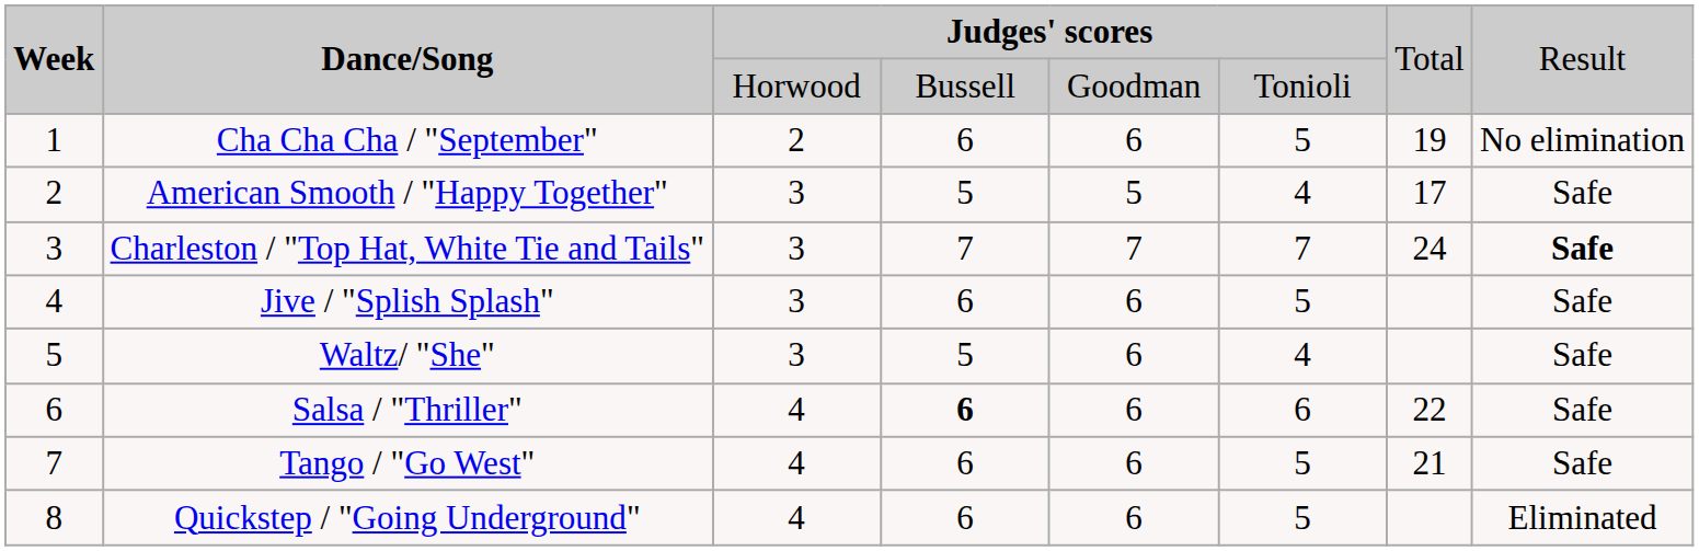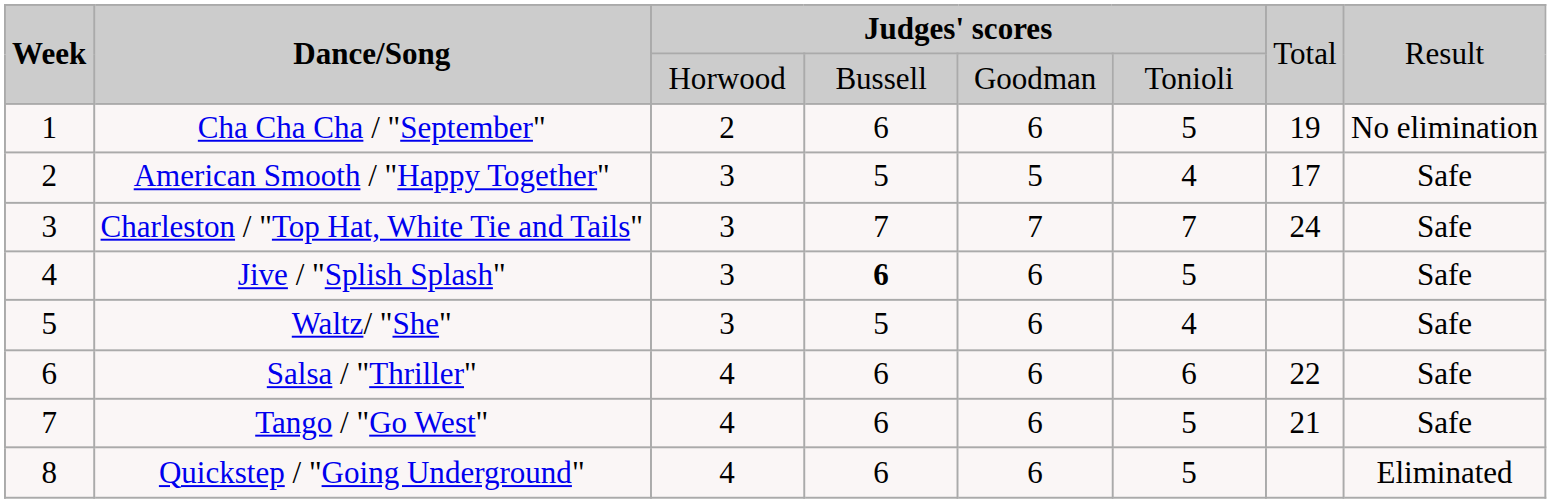 <table | class="wikitable collapsible collapsed">
 <tr style="text-align: center; background:#ccc;">
 <td rowspan="2"><strong>Week </strong></td>
 <td rowspan="2"><strong>Dance/Song</strong></td>
 <td colspan="4"><strong>Judges' scores</strong></td>
 <td rowspan="2">Total</td>
 <td rowspan="2">Result</td>
 </tr>
 <tr style="text-align: center; background:#ccc;">
 <td style="width:10%; ">Horwood</td>
 <td style="width:10%; ">Bussell</td>
 <td style="width:10%; ">Goodman</td>
 <td style="width:10%; ">Tonioli</td>
 </tr>
 <tr style="text-align: center; background:#faf6f6;">
 <td>1</td>
 <td><a href='#'>Cha Cha Cha</a> / "<a href='#'>September</a>"</td>
 <td>2</td>
 <td>6</td>
 <td>6</td>
 <td>5</td>
 <td>19</td>
 <td>No elimination</td>
 </tr>
 <tr style="text-align: center; background:#faf6f6;">
 <td>2</td>
 <td><a href='#'>American Smooth</a> / "<a href='#'>Happy Together</a>"</td>
 <td>3</td>
 <td>5</td>
 <td>5</td>
 <td>4</td>
 <td>17</td>
 <td>Safe</td>
 </tr>
 <tr style="text-align: center; background:#faf6f6;">
 <td>3</td>
 <td><a href='#'>Charleston</a> / "<a href='#'>Top Hat, White Tie and Tails</a>"</td>
 <td>3</td>
 <td>7</td>
 <td>7</td>
 <td>7</td>
 <td>24</td>
-<td><strong>Safe</strong></td>
+<td>Safe</td>
 </tr>
 <tr style="text-align: center; background:#faf6f6;">
 <td>4</td>
 <td><a href='#'>Jive</a> / "<a href='#'>Splish Splash</a>"</td>
 <td>3</td>
-<td>6</td>
+<td><strong>6</strong></td>
 <td>6</td>
 <td>5</td>
 <td></td>
 <td>Safe</td>
 </tr>
 <tr style="text-align: center; background:#faf6f6;">
 <td>5</td>
 <td><a href='#'>Waltz</a>/ "<a href='#'>She</a>"</td>
 <td>3</td>
 <td>5</td>
 <td>6</td>
 <td>4</td>
 <td></td>
 <td>Safe</td>
 </tr>
 <tr style="text-align: center; background:#faf6f6;">
 <td>6</td>
 <td><a href='#'>Salsa</a> / "<a href='#'>Thriller</a>"</td>
 <td>4</td>
-<td><strong>6</strong></td>
+<td>6</td>
 <td>6</td>
 <td>6</td>
 <td>22</td>
 <td>Safe</td>
 </tr>
 <tr style="text-align: center; background:#faf6f6;">
 <td>7</td>
 <td><a href='#'>Tango</a> / "<a href='#'>Go West</a>"</td>
 <td>4</td>
 <td>6</td>
 <td>6</td>
 <td>5</td>
 <td>21</td>
 <td>Safe</td>
 </tr>
 <tr style="text-align: center; background:#faf6f6;">
 <td>8</td>
 <td><a href='#'>Quickstep</a> / "<a href='#'>Going Underground</a>"</td>
 <td>4</td>
 <td>6</td>
 <td>6</td>
 <td>5</td>
 <td></td>
 <td>Eliminated</td>
 </tr>
 </table>
